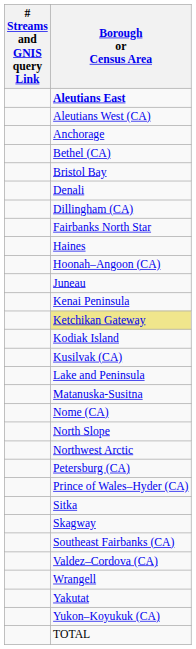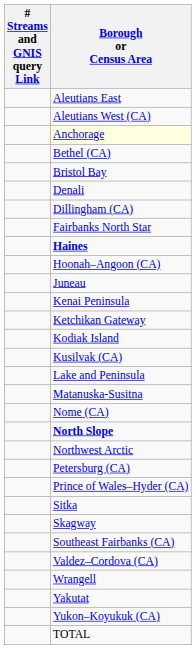 <table class="wikitable sortable">
 <tr>
 <th>#<br><a href='#'>Streams</a><br>and<br><a href='#'>GNIS</a><br>query<br><a href='#'>Link</a><br></th>
 <th><a href='#'>Borough</a><br>or<br><a href='#'>Census Area</a><br></th>
 </tr>
 <tr>
 <td></td>
-<td><strong><a href='#'>Aleutians East</a></strong></td>
+<td><a href='#'>Aleutians East</a></td>
 </tr>
 <tr>
 <td></td>
 <td><a href='#'>Aleutians West (CA)</a></td>
 </tr>
 <tr>
 <td></td>
-<td><a href='#'>Anchorage</a></td>
+<td style="background: lightyellow;"><a href='#'>Anchorage</a></td>
 </tr>
 <tr>
 <td></td>
 <td><a href='#'>Bethel (CA)</a></td>
 </tr>
 <tr>
 <td></td>
 <td><a href='#'>Bristol Bay</a></td>
 </tr>
 <tr>
 <td></td>
 <td><a href='#'>Denali</a></td>
 </tr>
 <tr>
 <td></td>
 <td><a href='#'>Dillingham (CA)</a></td>
 </tr>
 <tr>
 <td></td>
 <td><a href='#'>Fairbanks North Star</a></td>
 </tr>
 <tr>
 <td></td>
-<td><a href='#'>Haines</a></td>
+<td><strong><a href='#'>Haines</a></strong></td>
 </tr>
 <tr>
 <td></td>
 <td><a href='#'>Hoonah–Angoon (CA)</a></td>
 </tr>
 <tr>
 <td></td>
 <td><a href='#'>Juneau</a></td>
 </tr>
 <tr>
 <td></td>
 <td><a href='#'>Kenai Peninsula</a></td>
 </tr>
 <tr>
 <td></td>
-<td style="background: khaki;"><a href='#'>Ketchikan Gateway</a></td>
+<td><a href='#'>Ketchikan Gateway</a></td>
 </tr>
 <tr>
 <td></td>
 <td><a href='#'>Kodiak Island</a></td>
 </tr>
 <tr>
 <td></td>
 <td><a href='#'>Kusilvak (CA)</a></td>
 </tr>
 <tr>
 <td></td>
 <td><a href='#'>Lake and Peninsula</a></td>
 </tr>
 <tr>
 <td></td>
 <td><a href='#'>Matanuska-Susitna</a></td>
 </tr>
 <tr>
 <td></td>
 <td><a href='#'>Nome (CA)</a></td>
 </tr>
 <tr>
 <td></td>
-<td><a href='#'>North Slope</a></td>
+<td><strong><a href='#'>North Slope</a></strong></td>
 </tr>
 <tr>
 <td></td>
 <td><a href='#'>Northwest Arctic</a></td>
 </tr>
 <tr>
 <td></td>
 <td><a href='#'>Petersburg (CA)</a></td>
 </tr>
 <tr>
 <td></td>
 <td><a href='#'>Prince of Wales–Hyder (CA)</a></td>
 </tr>
 <tr>
 <td></td>
 <td><a href='#'>Sitka</a></td>
 </tr>
 <tr>
 <td></td>
 <td><a href='#'>Skagway</a></td>
 </tr>
 <tr>
 <td></td>
 <td><a href='#'>Southeast Fairbanks (CA)</a></td>
 </tr>
 <tr>
 <td></td>
 <td><a href='#'>Valdez–Cordova (CA)</a></td>
 </tr>
 <tr>
 <td></td>
 <td><a href='#'>Wrangell</a></td>
 </tr>
 <tr>
 <td></td>
 <td><a href='#'>Yakutat</a></td>
 </tr>
 <tr>
 <td></td>
 <td><a href='#'>Yukon–Koyukuk (CA)</a></td>
 </tr>
 <tr>
 <td></td>
 <td>TOTAL</td>
 </tr>
 </table>
